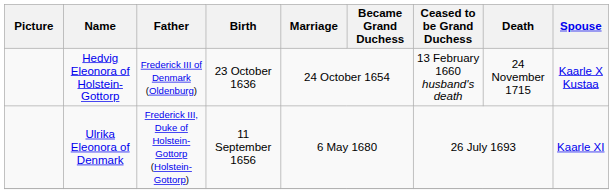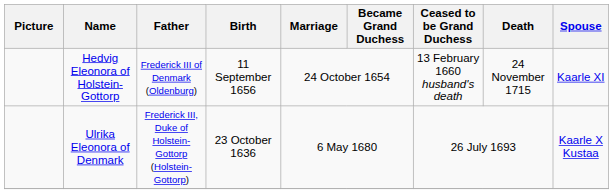 <table width=95% class="wikitable">
 <tr>
 <th width = "8%">Picture</th>
 <th width = "10%">Name</th>
 <th width = "9%">Father</th>
 <th width = "10%">Birth</th>
 <th width = "9%">Marriage</th>
 <th width = "9%">Became Grand Duchess</th>
 <th width = "9%">Ceased to be Grand Duchess</th>
 <th width = "9%">Death</th>
 <th width = "6%"><a href='#'>Spouse</a></th>
 </tr>
 <tr>
 <td align="center"></td>
 <td align="center"><a href='#'>Hedvig Eleonora of Holstein-Gottorp</a></td>
 <td align="center"><small><a href='#'>Frederick III of Denmark</a><br>(<a href='#'>Oldenburg</a>)</small></td>
-<td align="center">23 October 1636</td>
+<td align="center">11 September 1656</td>
 <td align="center" colspan="2">24 October 1654</td>
 <td align="center">13 February 1660<br><em>husband's death</em></td>
 <td align="center">24 November 1715</td>
-<td align="center"><a href='#'>Kaarle X Kustaa</a></td>
+<td align="center"><a href='#'>Kaarle XI</a></td>
 </tr>
 <tr>
 <td align="center"></td>
 <td align="center"><a href='#'>Ulrika Eleonora of Denmark</a></td>
 <td align="center"><small><a href='#'>Frederick III, Duke of Holstein-Gottorp</a><br>(<a href='#'>Holstein-Gottorp</a>)</small></td>
-<td align="center">11 September 1656</td>
+<td align="center">23 October 1636</td>
 <td align="center" colspan="2">6 May 1680</td>
 <td align="center" colspan="2">26 July 1693</td>
-<td align="center"><a href='#'>Kaarle XI</a></td>
+<td align="center"><a href='#'>Kaarle X Kustaa</a></td>
 </tr>
 <tr>
 </tr>
 </table>
